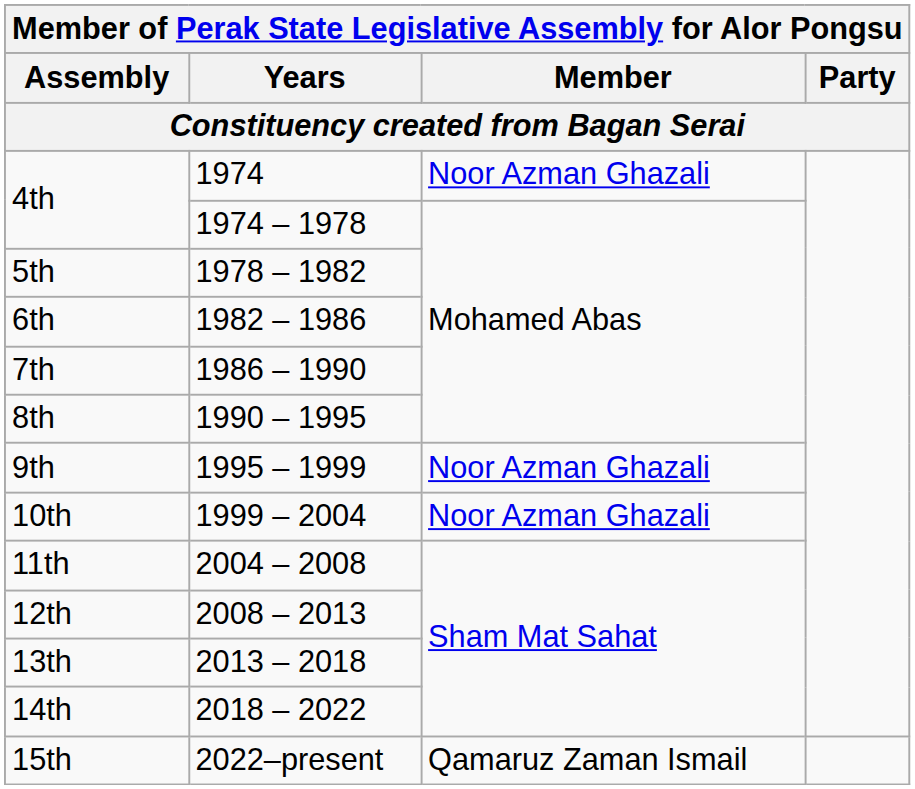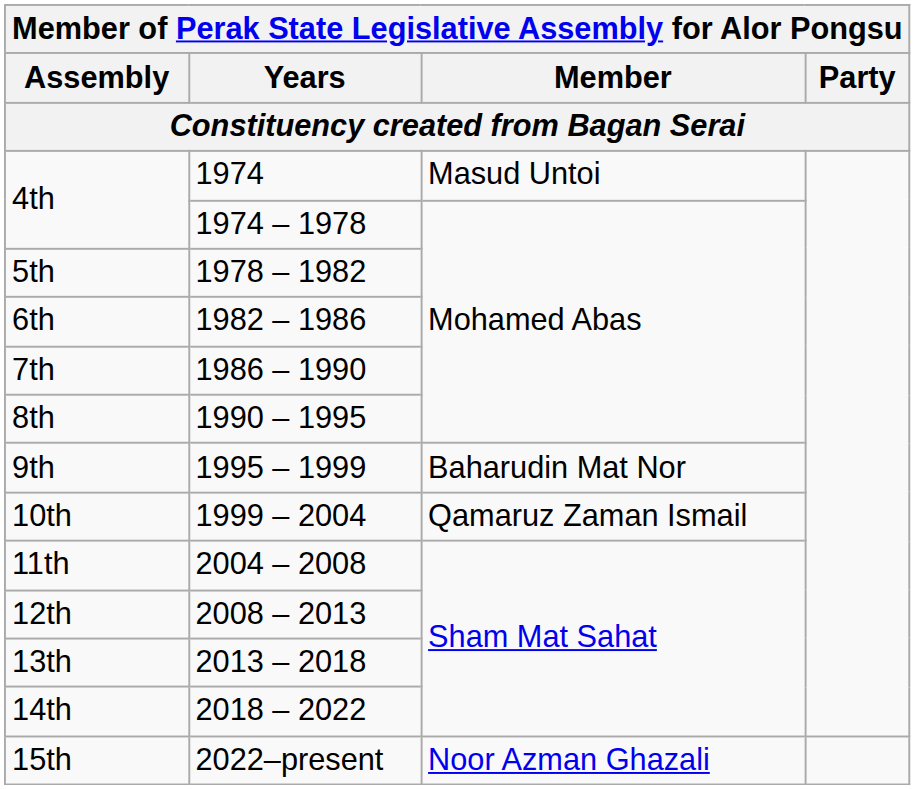 <table class="wikitable">
 <tr>
 <th colspan="4">Member of <a href='#'>Perak State Legislative Assembly</a> for Alor Pongsu</th>
 </tr>
 <tr>
 <th>Assembly</th>
 <th>Years</th>
 <th>Member</th>
 <th>Party</th>
 </tr>
 <tr>
 <th colspan="4" align="center"><em>Constituency created from Bagan Serai</em></th>
 </tr>
 <tr>
 <td rowspan="2">4th</td>
 <td>1974</td>
-<td><a href='#'>Noor Azman Ghazali</a></td>
+<td>Masud Untoi</td>
 <td rowspan="12"></td>
 </tr>
 <tr>
 <td>1974 – 1978</td>
 <td rowspan="5">Mohamed Abas</td>
 </tr>
 <tr>
 <td>5th</td>
 <td>1978 – 1982</td>
 </tr>
 <tr>
 <td>6th</td>
 <td>1982 – 1986</td>
 </tr>
 <tr>
 <td>7th</td>
 <td>1986 – 1990</td>
 </tr>
 <tr>
 <td>8th</td>
 <td>1990 – 1995</td>
 </tr>
 <tr>
 <td>9th</td>
 <td>1995 – 1999</td>
-<td><a href='#'>Noor Azman Ghazali</a></td>
+<td>Baharudin Mat Nor</td>
 </tr>
 <tr>
 <td>10th</td>
 <td>1999 – 2004</td>
-<td><a href='#'>Noor Azman Ghazali</a></td>
+<td>Qamaruz Zaman Ismail</td>
 </tr>
 <tr>
 <td>11th</td>
 <td>2004 – 2008</td>
 <td rowspan="4"><a href='#'>Sham Mat Sahat</a></td>
 </tr>
 <tr>
 <td>12th</td>
 <td>2008 – 2013</td>
 </tr>
 <tr>
 <td>13th</td>
 <td>2013 – 2018</td>
 </tr>
 <tr>
 <td>14th</td>
 <td>2018 – 2022</td>
 </tr>
 <tr>
 <td>15th</td>
 <td>2022–present</td>
-<td>Qamaruz Zaman Ismail</td>
+<td><a href='#'>Noor Azman Ghazali</a></td>
 <td></td>
 </tr>
 </table>
